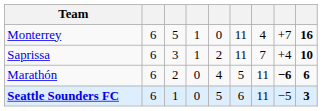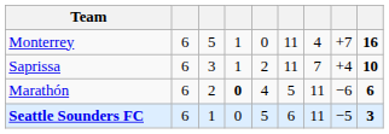 <table class="wikitable" style="text-align: center;">
 <tr>
 <th style="width:165px;">Team</th>
 <th width="20"></th>
 <th width="20"></th>
 <th width="20"></th>
 <th width="20"></th>
 <th width="20"></th>
 <th width="20"></th>
 <th width="20"></th>
 <th width="20"></th>
 </tr>
 <tr>
 <td align=left> <a href='#'>Monterrey</a></td>
 <td>6</td>
 <td>5</td>
 <td>1</td>
 <td>0</td>
 <td>11</td>
 <td>4</td>
 <td>+7</td>
 <td><strong>16</strong></td>
 </tr>
 <tr>
 <td align=left> <a href='#'>Saprissa</a></td>
 <td>6</td>
 <td>3</td>
 <td>1</td>
 <td>2</td>
 <td>11</td>
 <td>7</td>
 <td>+4</td>
 <td><strong>10</strong></td>
 </tr>
 <tr>
 <td align=left> <a href='#'>Marathón</a></td>
 <td>6</td>
 <td>2</td>
-<td>0</td>
+<td><strong>0</strong></td>
 <td>4</td>
 <td>5</td>
 <td>11</td>
-<td><strong>−6</strong></td>
+<td>−6</td>
 <td><strong>6</strong></td>
 </tr>
 <tr style="background:#def;">
 <td align=left> <strong><a href='#'>Seattle Sounders FC</a></strong></td>
 <td>6</td>
 <td>1</td>
 <td>0</td>
 <td>5</td>
 <td>6</td>
 <td>11</td>
 <td>−5</td>
 <td><strong>3</strong></td>
 </tr>
 </table>
